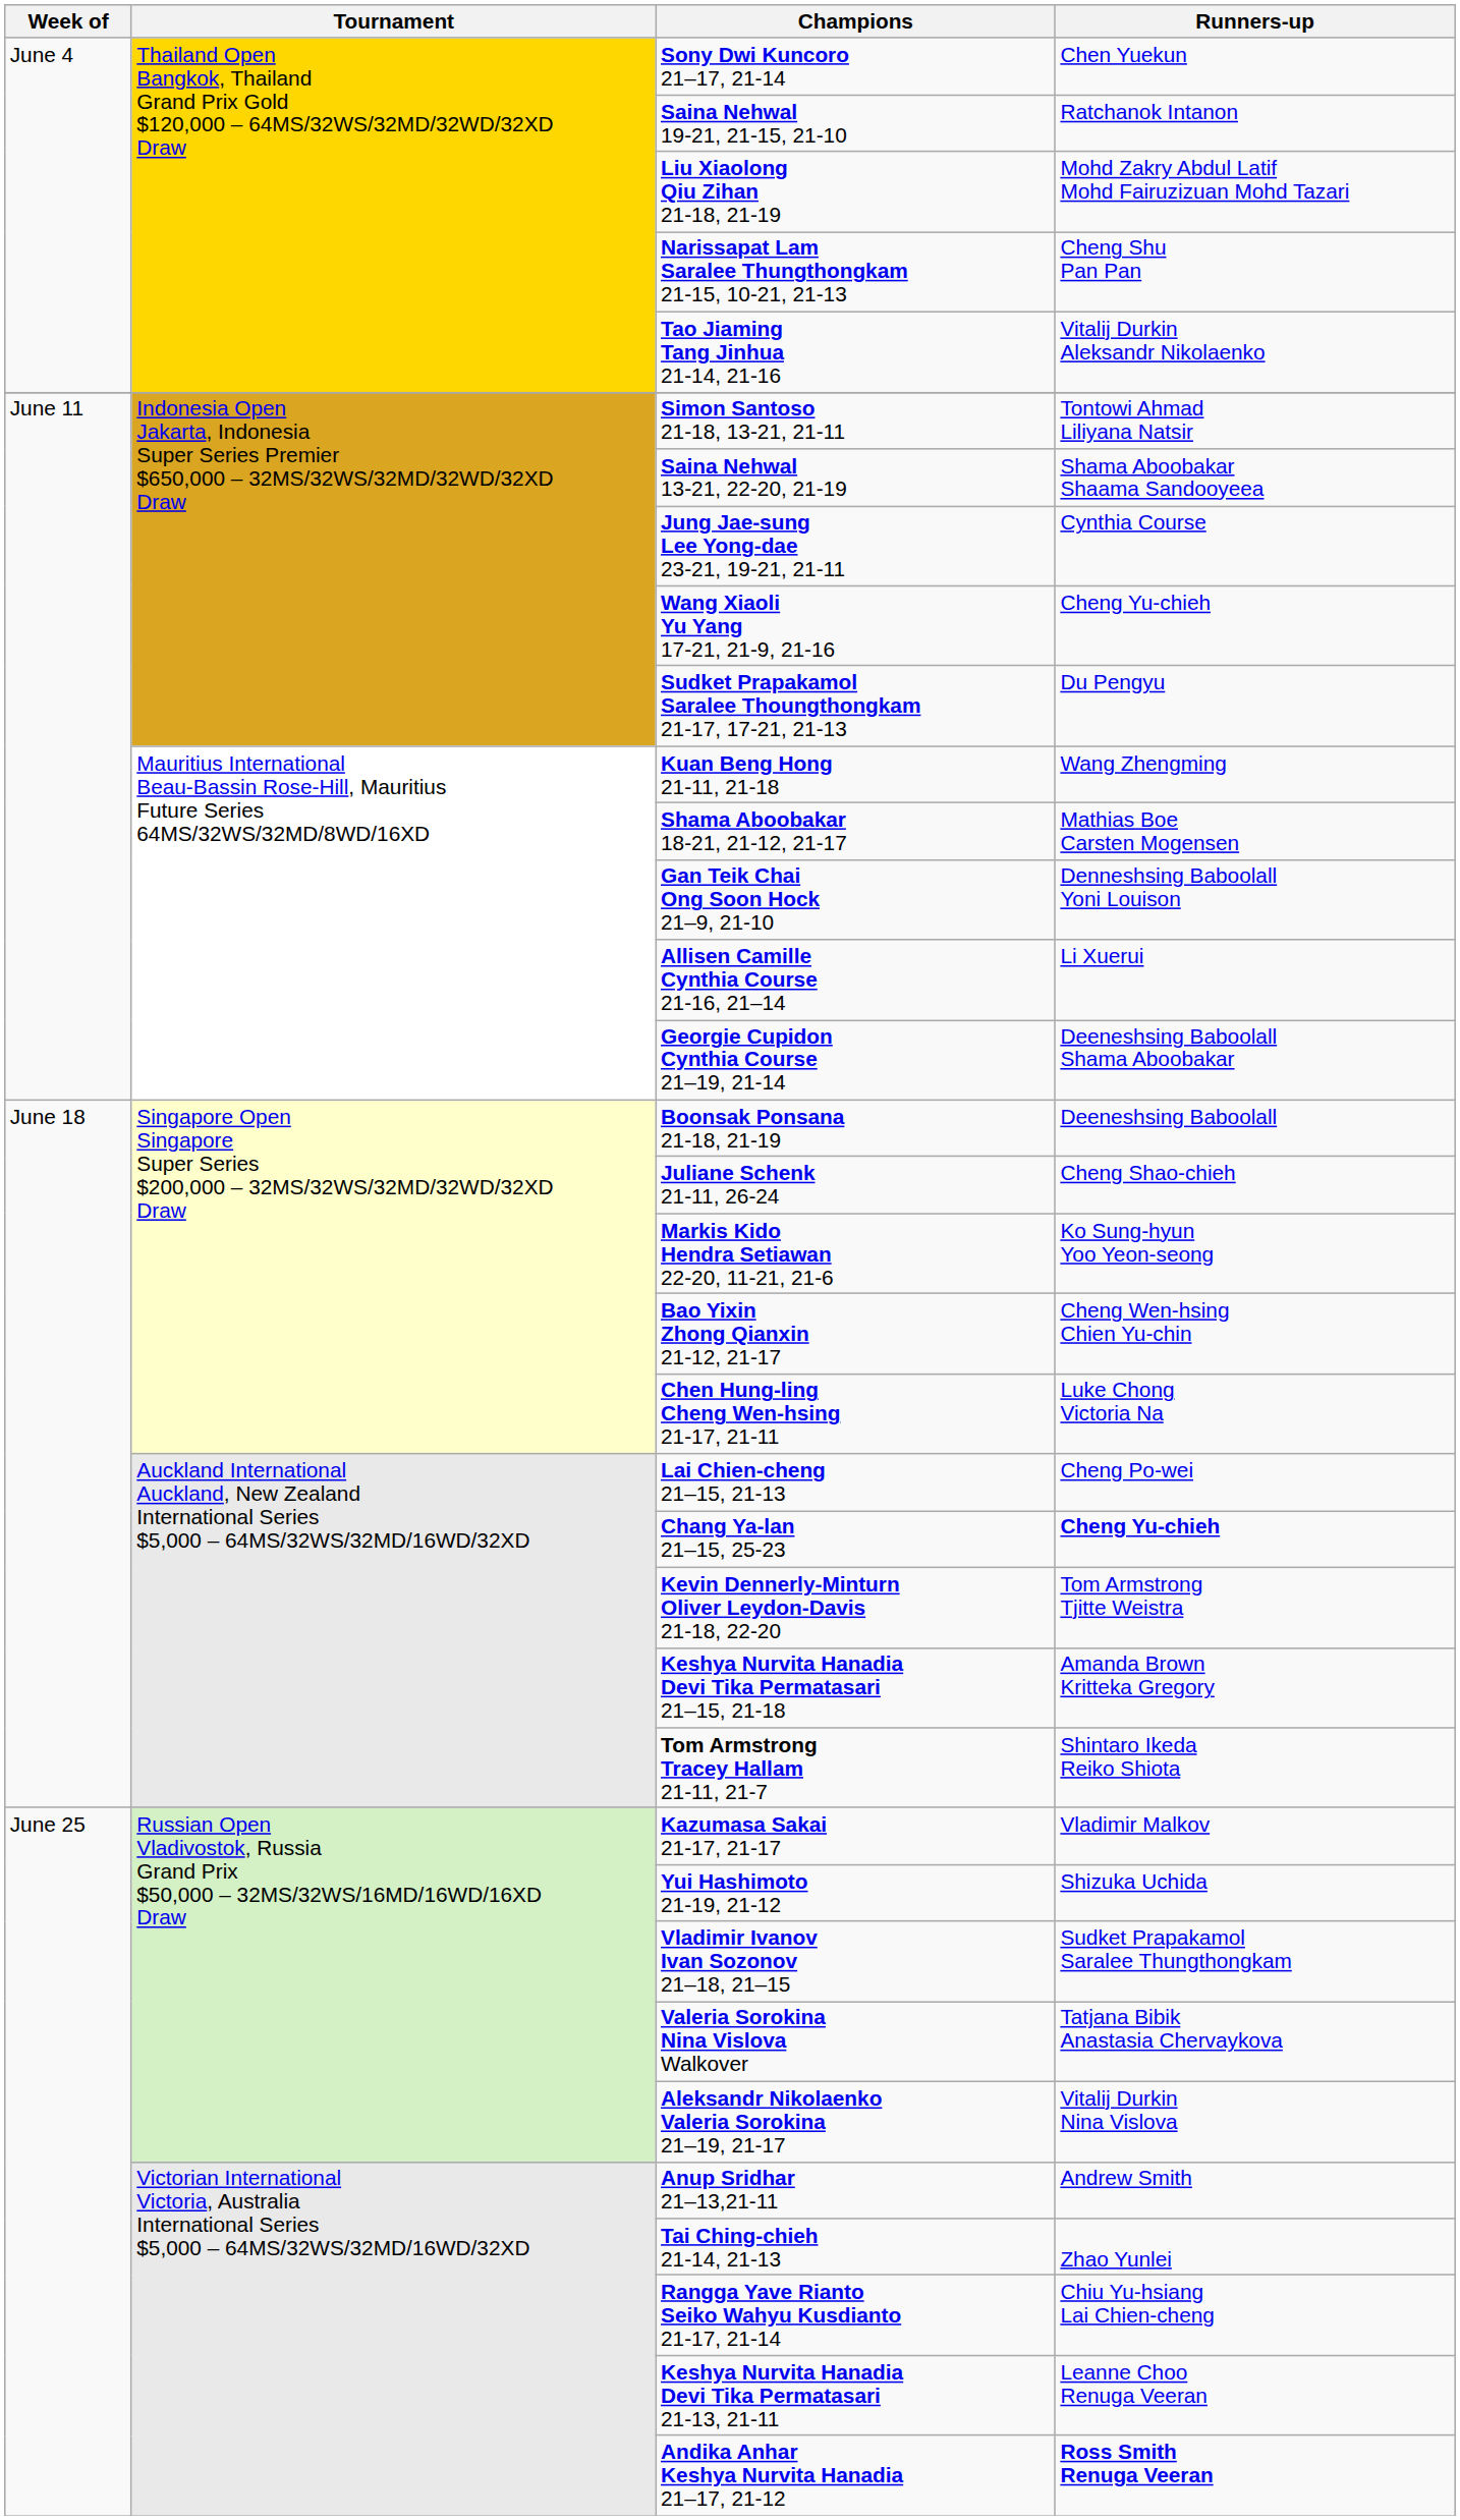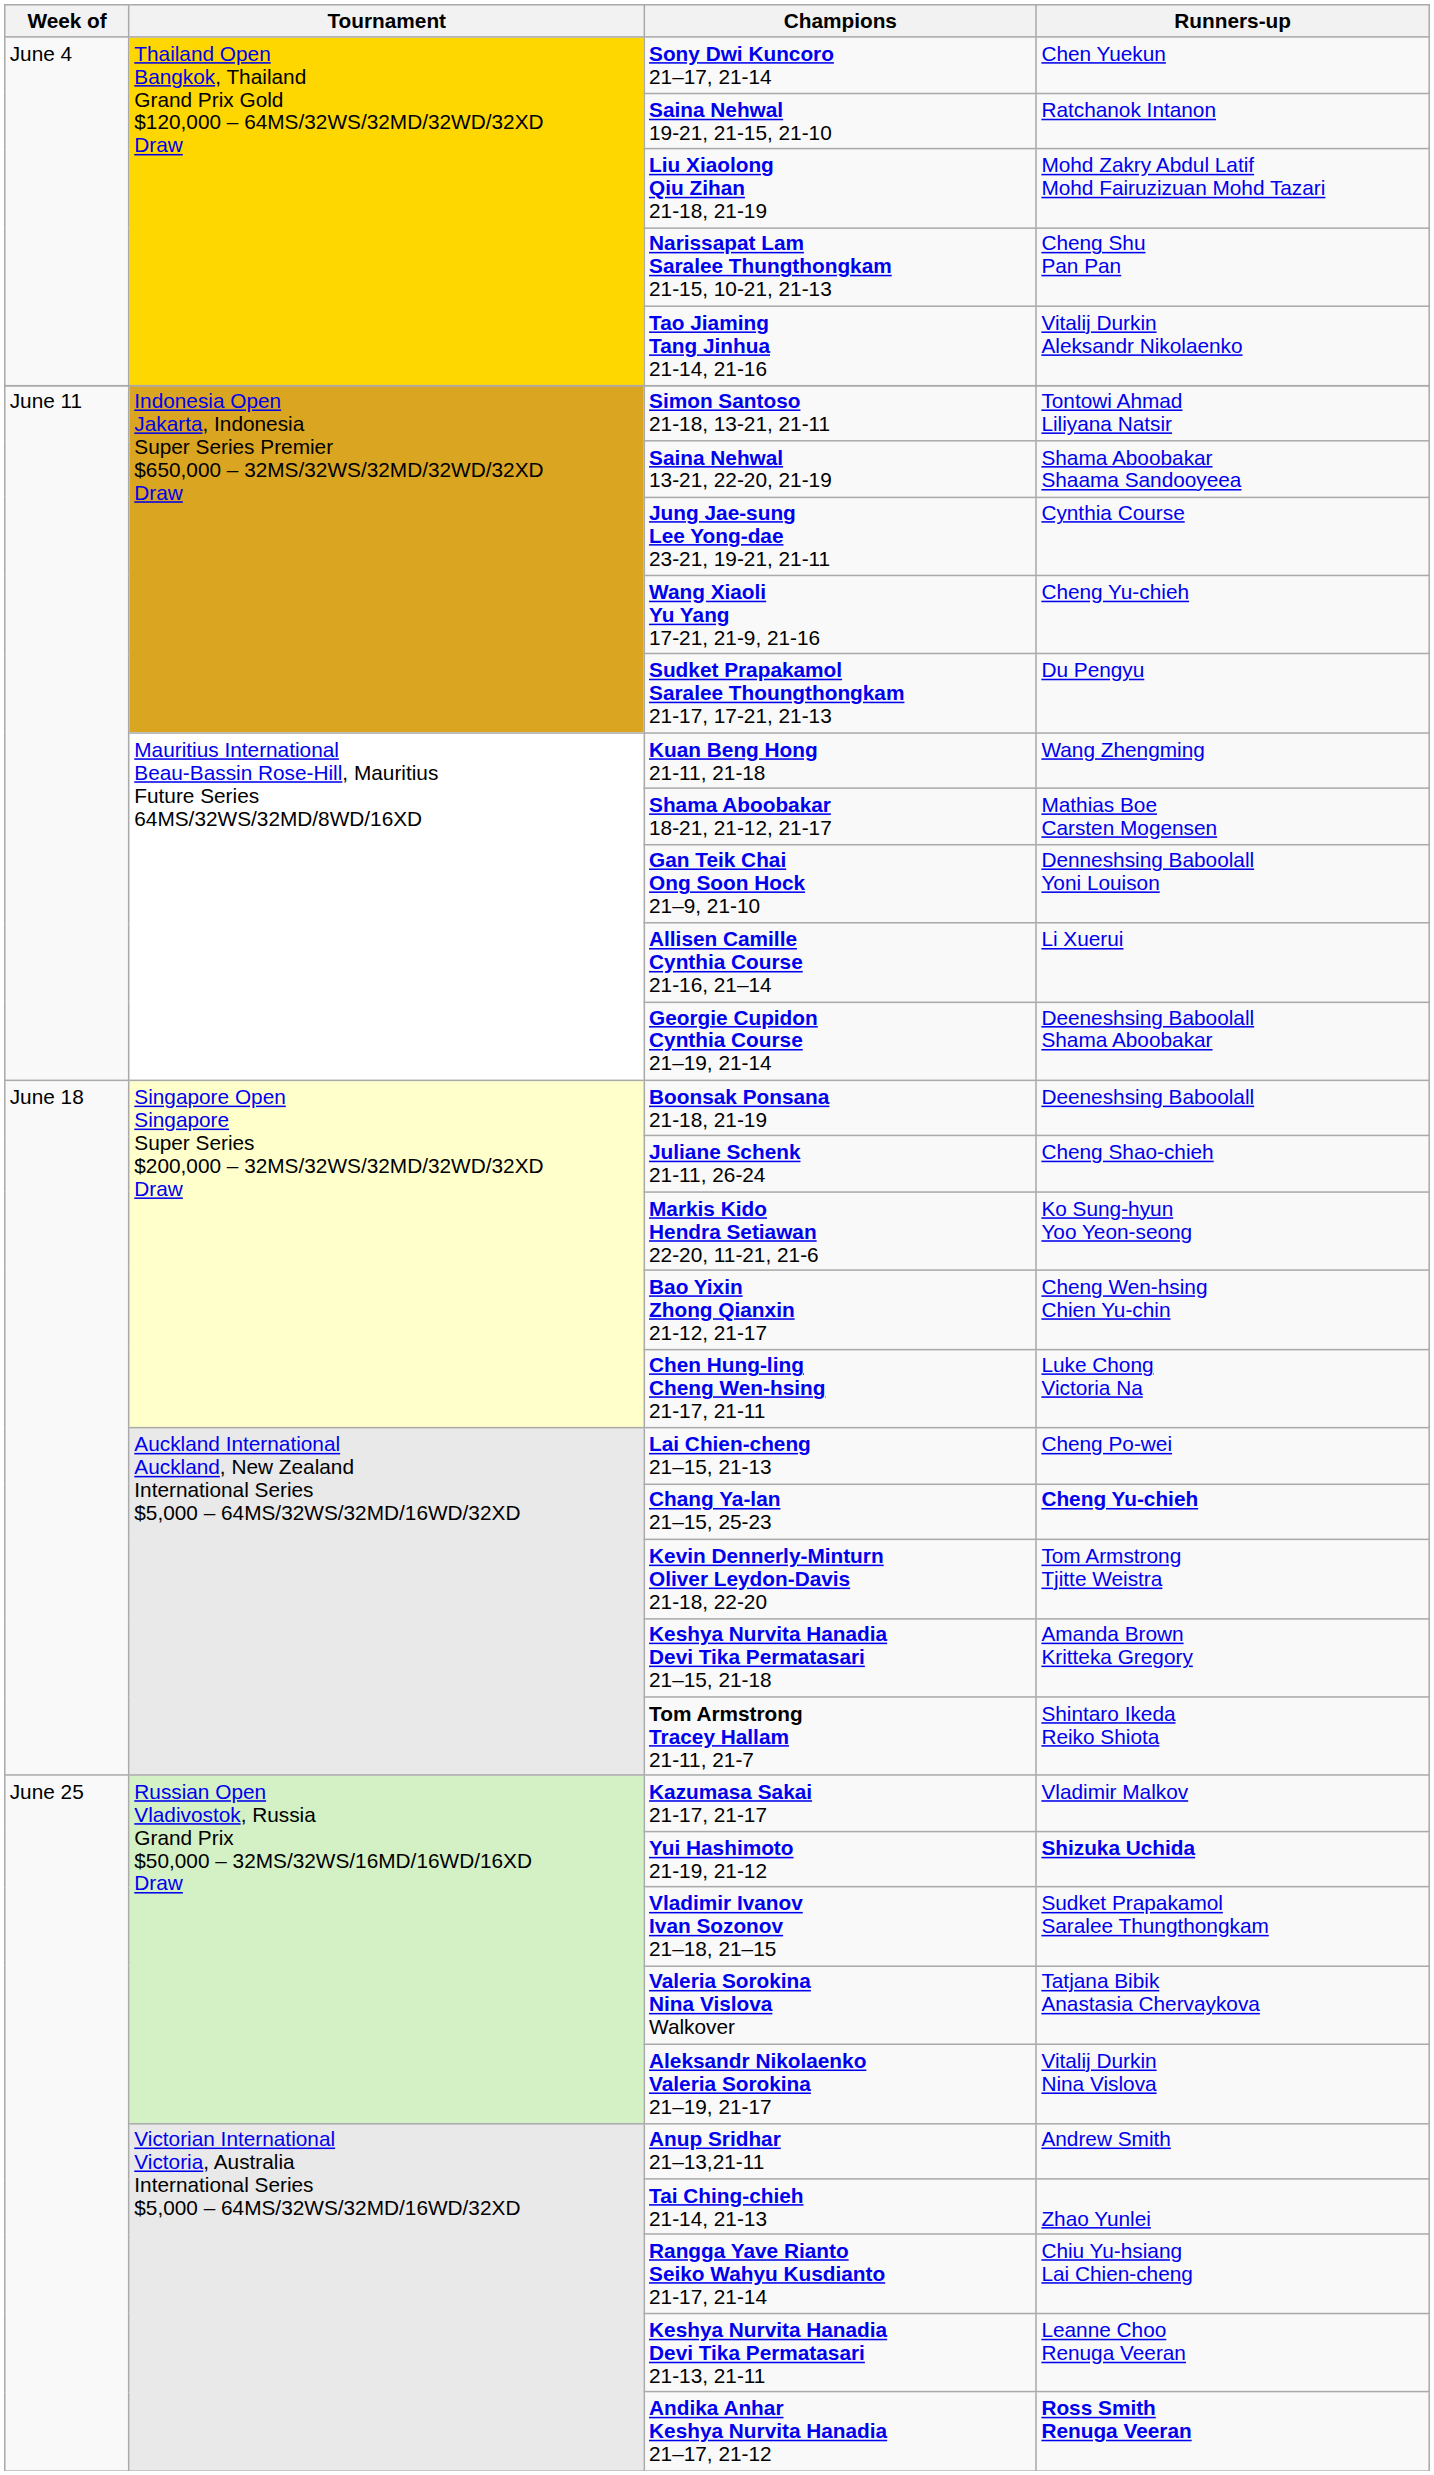 <table class=wikitable style=font-size:85%>
 <tr>
 <th width=75>Week of</th>
 <th width=330>Tournament</th>
 <th width=250>Champions</th>
 <th width=250>Runners-up</th>
 </tr>
 <tr valign=top>
 <td rowspan=5>June 4</td>
 <td style="background:#FFD700;" rowspan="5"><a href='#'>Thailand Open</a><br><a href='#'>Bangkok</a>, Thailand<br>Grand Prix Gold<br>$120,000 – 64MS/32WS/32MD/32WD/32XD<br><a href='#'>Draw</a></td>
 <td> <strong><a href='#'>Sony Dwi Kuncoro</a></strong><br>21–17, 21-14</td>
 <td> <a href='#'>Chen Yuekun</a></td>
 </tr>
 <tr valign=top>
 <td> <strong><a href='#'>Saina Nehwal</a></strong><br>19-21, 21-15, 21-10</td>
 <td> <a href='#'>Ratchanok Intanon</a></td>
 </tr>
 <tr valign=top>
 <td> <strong><a href='#'>Liu Xiaolong</a><br> <a href='#'>Qiu Zihan</a></strong><br>21-18, 21-19</td>
 <td> <a href='#'>Mohd Zakry Abdul Latif</a><br> <a href='#'>Mohd Fairuzizuan Mohd Tazari</a></td>
 </tr>
 <tr valign=top>
 <td> <strong><a href='#'>Narissapat Lam</a><br> <a href='#'>Saralee Thungthongkam</a></strong><br>21-15, 10-21, 21-13</td>
 <td> <a href='#'>Cheng Shu</a><br> <a href='#'>Pan Pan</a></td>
 </tr>
 <tr valign=top>
 <td> <strong><a href='#'>Tao Jiaming</a><br> <a href='#'>Tang Jinhua</a></strong><br>21-14, 21-16</td>
 <td> <a href='#'>Vitalij Durkin</a><br> <a href='#'>Aleksandr Nikolaenko</a></td>
 </tr>
 <tr valign=top>
 </tr>
 <tr valign=top>
 <td rowspan=10>June 11</td>
 <td style="background:#DAA520;" rowspan="5"><a href='#'>Indonesia Open</a><br><a href='#'>Jakarta</a>, Indonesia<br>Super Series Premier<br>$650,000 – 32MS/32WS/32MD/32WD/32XD<br><a href='#'>Draw</a></td>
 <td> <strong><a href='#'>Simon Santoso</a></strong><br>21-18, 13-21, 21-11</td>
 <td> <a href='#'>Tontowi Ahmad</a><br> <a href='#'>Liliyana Natsir</a></td>
 </tr>
 <tr valign=top>
 <td> <strong><a href='#'>Saina Nehwal</a></strong><br>13-21, 22-20, 21-19</td>
 <td> <a href='#'>Shama Aboobakar</a><br> <a href='#'>Shaama Sandooyeea</a></td>
 </tr>
 <tr valign=top>
 <td> <strong><a href='#'>Jung Jae-sung</a><br> <a href='#'>Lee Yong-dae</a></strong><br>23-21, 19-21, 21-11</td>
 <td> <a href='#'>Cynthia Course</a></td>
 </tr>
 <tr valign=top>
 <td> <strong><a href='#'>Wang Xiaoli</a><br> <a href='#'>Yu Yang</a></strong><br>17-21, 21-9, 21-16</td>
 <td> <a href='#'>Cheng Yu-chieh</a></td>
 </tr>
 <tr valign=top>
 <td> <strong><a href='#'>Sudket Prapakamol</a><br> <a href='#'>Saralee Thoungthongkam</a></strong><br>21-17, 17-21, 21-13</td>
 <td> <a href='#'>Du Pengyu</a></td>
 </tr>
 <tr valign=top>
 <td style="background:#ffffff;" rowspan="5"><a href='#'>Mauritius International</a><br><a href='#'>Beau-Bassin Rose-Hill</a>, Mauritius<br>Future Series<br>64MS/32WS/32MD/8WD/16XD</td>
 <td> <strong><a href='#'>Kuan Beng Hong</a></strong><br>21-11, 21-18</td>
 <td> <a href='#'>Wang Zhengming</a></td>
 </tr>
 <tr valign=top>
 <td> <strong><a href='#'>Shama Aboobakar</a></strong><br>18-21, 21-12, 21-17</td>
 <td> <a href='#'>Mathias Boe</a><br> <a href='#'>Carsten Mogensen</a></td>
 </tr>
 <tr valign=top>
 <td> <strong><a href='#'>Gan Teik Chai</a><br> <a href='#'>Ong Soon Hock</a></strong><br>21–9, 21-10</td>
 <td> <a href='#'>Denneshsing Baboolall</a><br> <a href='#'>Yoni Louison</a></td>
 </tr>
 <tr valign=top>
 <td> <strong><a href='#'>Allisen Camille</a><br> <a href='#'>Cynthia Course</a></strong><br>21-16, 21–14</td>
 <td> <a href='#'>Li Xuerui</a></td>
 </tr>
 <tr valign=top>
 <td> <strong><a href='#'>Georgie Cupidon</a><br> <a href='#'>Cynthia Course</a></strong><br>21–19, 21-14</td>
 <td> <a href='#'>Deeneshsing Baboolall</a><br> <a href='#'>Shama Aboobakar</a></td>
 </tr>
 <tr valign=top>
 <td rowspan=10>June 18</td>
 <td style="background:#ffffcc;" rowspan="5"><a href='#'>Singapore Open</a><br><a href='#'>Singapore</a><br>Super Series<br>$200,000 – 32MS/32WS/32MD/32WD/32XD<br><a href='#'>Draw</a></td>
 <td> <strong><a href='#'>Boonsak Ponsana</a></strong><br>21-18, 21-19</td>
 <td> <a href='#'>Deeneshsing Baboolall</a></td>
 </tr>
 <tr valign=top>
 <td> <strong><a href='#'>Juliane Schenk</a></strong><br>21-11, 26-24</td>
 <td> <a href='#'>Cheng Shao-chieh</a></td>
 </tr>
 <tr valign=top>
 <td> <strong><a href='#'>Markis Kido</a><br> <a href='#'>Hendra Setiawan</a></strong><br>22-20, 11-21, 21-6</td>
 <td> <a href='#'>Ko Sung-hyun</a><br> <a href='#'>Yoo Yeon-seong</a></td>
 </tr>
 <tr valign=top>
 <td> <strong><a href='#'>Bao Yixin</a><br> <a href='#'>Zhong Qianxin</a></strong><br>21-12, 21-17</td>
 <td> <a href='#'>Cheng Wen-hsing</a><br> <a href='#'>Chien Yu-chin</a></td>
 </tr>
 <tr valign=top>
 <td> <strong><a href='#'>Chen Hung-ling</a><br> <a href='#'>Cheng Wen-hsing</a></strong><br>21-17, 21-11</td>
 <td> <a href='#'>Luke Chong</a><br> <a href='#'>Victoria Na</a></td>
 </tr>
 <tr valign=top>
 <td style="background:#E9E9E9;" rowspan="5"><a href='#'>Auckland International</a><br><a href='#'>Auckland</a>, New Zealand<br>International Series<br>$5,000 – 64MS/32WS/32MD/16WD/32XD</td>
 <td> <strong><a href='#'>Lai Chien-cheng</a></strong><br>21–15, 21-13</td>
 <td> <a href='#'>Cheng Po-wei</a></td>
 </tr>
 <tr valign=top>
 <td> <strong><a href='#'>Chang Ya-lan</a></strong><br>21–15, 25-23</td>
 <td><strong> <a href='#'>Cheng Yu-chieh</a></strong></td>
 </tr>
 <tr valign=top>
 <td> <strong><a href='#'>Kevin Dennerly-Minturn</a><br> <a href='#'>Oliver Leydon-Davis</a></strong><br>21-18, 22-20</td>
 <td> <a href='#'>Tom Armstrong</a><br> <a href='#'>Tjitte Weistra</a></td>
 </tr>
 <tr valign=top>
 <td> <strong><a href='#'>Keshya Nurvita Hanadia</a><br> <a href='#'>Devi Tika Permatasari</a></strong><br>21–15, 21-18</td>
 <td> <a href='#'>Amanda Brown</a><br> <a href='#'>Kritteka Gregory</a></td>
 </tr>
 <tr valign=top>
 <td> <strong>Tom Armstrong<br> <a href='#'>Tracey Hallam</a></strong><br>21-11, 21-7</td>
 <td> <a href='#'>Shintaro Ikeda</a><br> <a href='#'>Reiko Shiota</a></td>
 </tr>
 <tr valign=top>
 <td rowspan=10>June 25</td>
 <td style="background:#D4F1C5;" rowspan="5"><a href='#'>Russian Open</a><br><a href='#'>Vladivostok</a>, Russia<br>Grand Prix<br>$50,000 – 32MS/32WS/16MD/16WD/16XD<br><a href='#'>Draw</a></td>
 <td> <strong><a href='#'>Kazumasa Sakai</a></strong><br>21-17, 21-17</td>
 <td> <a href='#'>Vladimir Malkov</a></td>
 </tr>
 <tr valign=top>
 <td> <strong><a href='#'>Yui Hashimoto</a></strong><br>21-19, 21-12</td>
-<td> <a href='#'>Shizuka Uchida</a></td>
+<td><strong> <a href='#'>Shizuka Uchida</a></strong></td>
 </tr>
 <tr valign=top>
 <td> <strong><a href='#'>Vladimir Ivanov</a><br> <a href='#'>Ivan Sozonov</a></strong><br>21–18, 21–15</td>
 <td> <a href='#'>Sudket Prapakamol</a><br> <a href='#'>Saralee Thungthongkam</a></td>
 </tr>
 <tr valign=top>
 <td> <strong><a href='#'>Valeria Sorokina</a><br> <a href='#'>Nina Vislova</a></strong><br>Walkover</td>
 <td> <a href='#'>Tatjana Bibik</a><br> <a href='#'>Anastasia Chervaykova</a></td>
 </tr>
 <tr valign=top>
 <td> <strong><a href='#'>Aleksandr Nikolaenko</a><br> <a href='#'>Valeria Sorokina</a></strong><br>21–19, 21-17</td>
 <td> <a href='#'>Vitalij Durkin</a> <br> <a href='#'>Nina Vislova</a></td>
 </tr>
 <tr valign=top>
 <td style="background:#E9E9E9;" rowspan="5"><a href='#'>Victorian International</a><br><a href='#'>Victoria</a>, Australia<br>International Series<br>$5,000 – 64MS/32WS/32MD/16WD/32XD</td>
 <td> <strong><a href='#'>Anup Sridhar</a></strong><br>21–13,21-11</td>
 <td> <a href='#'>Andrew Smith</a></td>
 </tr>
 <tr valign=top>
 <td> <strong><a href='#'>Tai Ching-chieh</a></strong><br>21-14, 21-13</td>
 <td><br> <a href='#'>Zhao Yunlei</a></td>
 </tr>
 <tr valign=top>
 <td> <strong><a href='#'>Rangga Yave Rianto</a><br> <a href='#'>Seiko Wahyu Kusdianto</a></strong><br>21-17, 21-14</td>
 <td> <a href='#'>Chiu Yu-hsiang</a><br> <a href='#'>Lai Chien-cheng</a></td>
 </tr>
 <tr valign=top>
 <td> <strong><a href='#'>Keshya Nurvita Hanadia</a><br> <a href='#'>Devi Tika Permatasari</a></strong><br>21-13, 21-11</td>
 <td> <a href='#'>Leanne Choo</a><br> <a href='#'>Renuga Veeran</a></td>
 </tr>
 <tr valign=top>
 <td> <strong><a href='#'>Andika Anhar</a><br> <a href='#'>Keshya Nurvita Hanadia</a></strong><br>21–17, 21-12</td>
 <td><strong> <a href='#'>Ross Smith</a><br> <a href='#'>Renuga Veeran</a></strong></td>
 </tr>
 </table>
